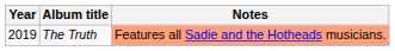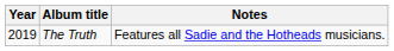 <table class=wikitable>
 <tr>
 <th>Year</th>
 <th>Album title</th>
 <th>Notes</th>
 </tr>
 <tr>
 <td>2019</td>
 <td><em>The Truth</em></td>
-<td style="background: lightsalmon;">Features all <a href='#'>Sadie and the Hotheads</a> musicians.</td>
+<td>Features all <a href='#'>Sadie and the Hotheads</a> musicians.</td>
 </tr>
 </table>
